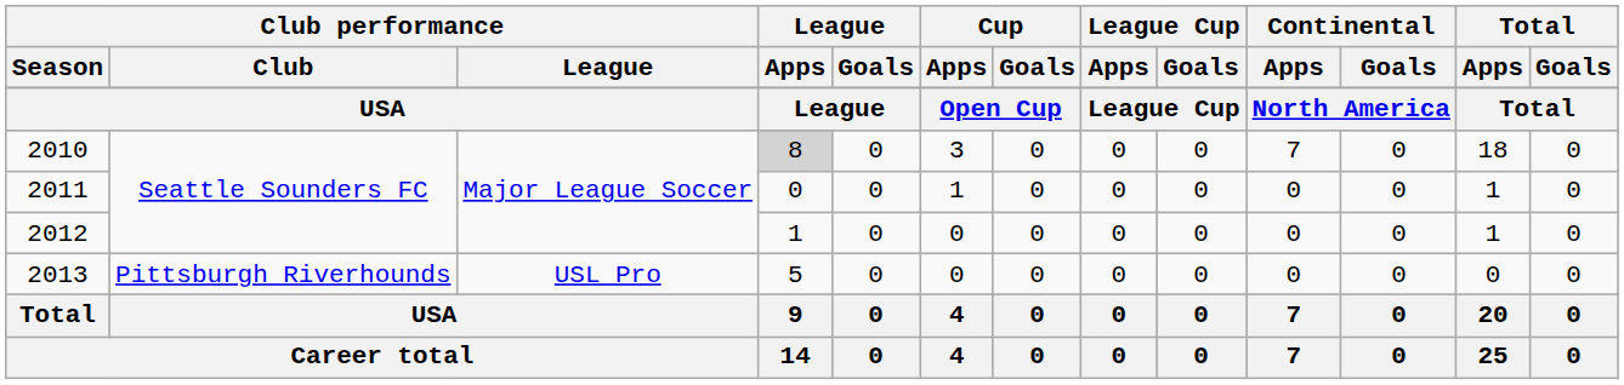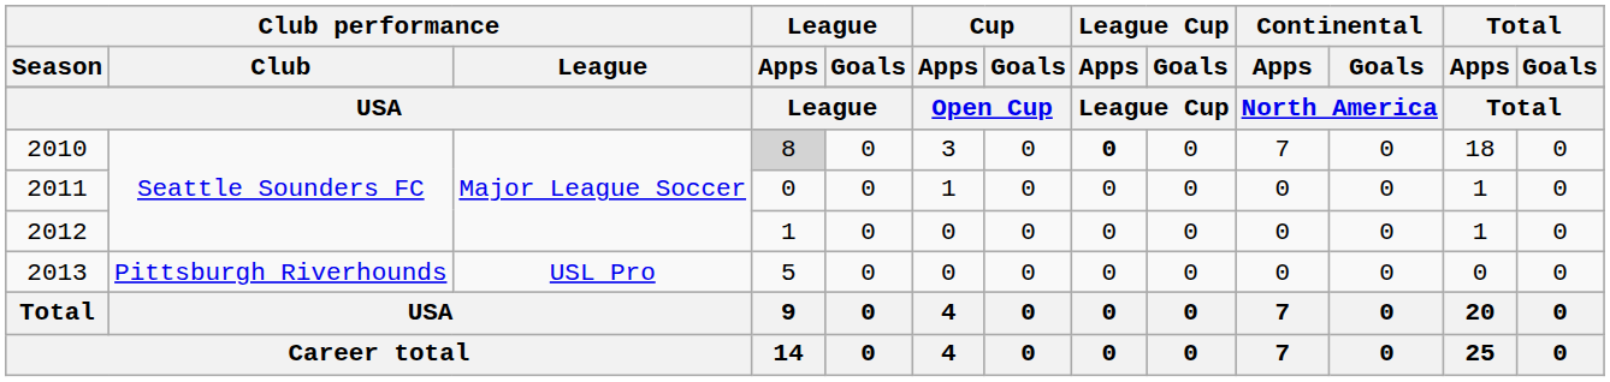 <table class="wikitable" style="text-align:center">
 <tr>
 <th colspan=3>Club performance</th>
 <th colspan=2>League</th>
 <th colspan=2>Cup</th>
 <th colspan=2>League Cup</th>
 <th colspan=2>Continental</th>
 <th colspan=2>Total</th>
 </tr>
 <tr>
 <th>Season</th>
 <th>Club</th>
 <th>League</th>
 <th>Apps</th>
 <th>Goals</th>
 <th>Apps</th>
 <th>Goals</th>
 <th>Apps</th>
 <th>Goals</th>
 <th>Apps</th>
 <th>Goals</th>
 <th>Apps</th>
 <th>Goals</th>
 </tr>
 <tr>
 </tr>
 <tr>
 <th colspan=3>USA</th>
 <th colspan=2>League</th>
 <th colspan=2><a href='#'>Open Cup</a></th>
 <th colspan=2>League Cup</th>
 <th colspan=2><a href='#'>North America</a></th>
 <th colspan=2>Total</th>
 </tr>
 <tr>
 <td>2010</td>
 <td rowspan="3"><a href='#'>Seattle Sounders FC</a></td>
 <td rowspan="3"><a href='#'>Major League Soccer</a></td>
 <td style="background: lightgrey;">8</td>
 <td>0</td>
 <td>3</td>
 <td>0</td>
-<td>0</td>
+<td><strong>0</strong></td>
 <td>0</td>
 <td>7</td>
 <td>0</td>
 <td>18</td>
 <td>0</td>
 </tr>
 <tr>
 <td>2011</td>
 <td>0</td>
 <td>0</td>
 <td>1</td>
 <td>0</td>
 <td>0</td>
 <td>0</td>
 <td>0</td>
 <td>0</td>
 <td>1</td>
 <td>0</td>
 </tr>
 <tr>
 <td>2012</td>
 <td>1</td>
 <td>0</td>
 <td>0</td>
 <td>0</td>
 <td>0</td>
 <td>0</td>
 <td>0</td>
 <td>0</td>
 <td>1</td>
 <td>0</td>
 </tr>
 <tr>
 <td>2013</td>
 <td><a href='#'>Pittsburgh Riverhounds</a></td>
 <td><a href='#'>USL Pro</a></td>
 <td>5</td>
 <td>0</td>
 <td>0</td>
 <td>0</td>
 <td>0</td>
 <td>0</td>
 <td>0</td>
 <td>0</td>
 <td>0</td>
 <td>0</td>
 </tr>
 <tr>
 <th rowspan=1>Total</th>
 <th colspan=2>USA</th>
 <th>9</th>
 <th>0</th>
 <th>4</th>
 <th>0</th>
 <th>0</th>
 <th>0</th>
 <th>7</th>
 <th>0</th>
 <th>20</th>
 <th>0</th>
 </tr>
 <tr>
 <th colspan=3>Career total</th>
 <th>14</th>
 <th>0</th>
 <th>4</th>
 <th>0</th>
 <th>0</th>
 <th>0</th>
 <th>7</th>
 <th>0</th>
 <th>25</th>
 <th>0</th>
 </tr>
 </table>
